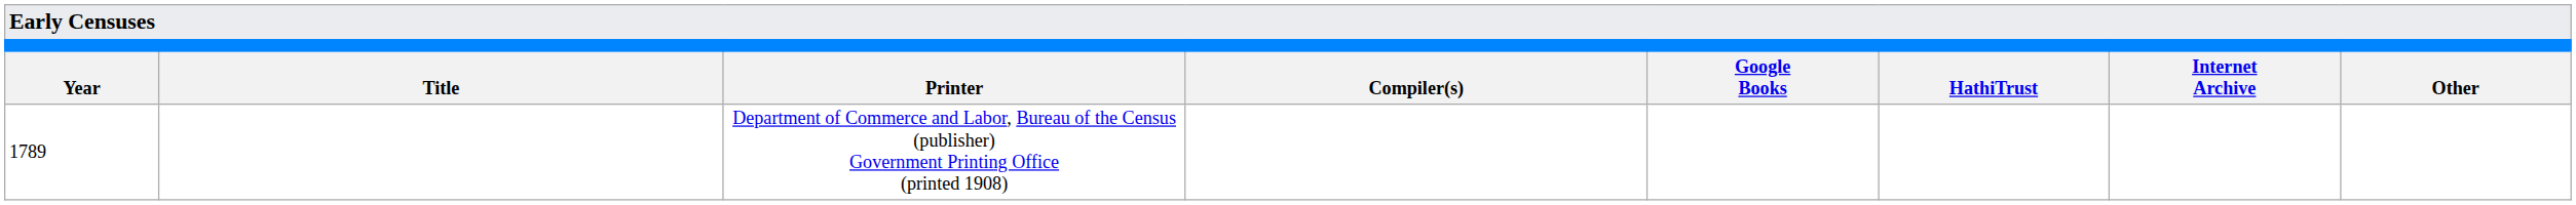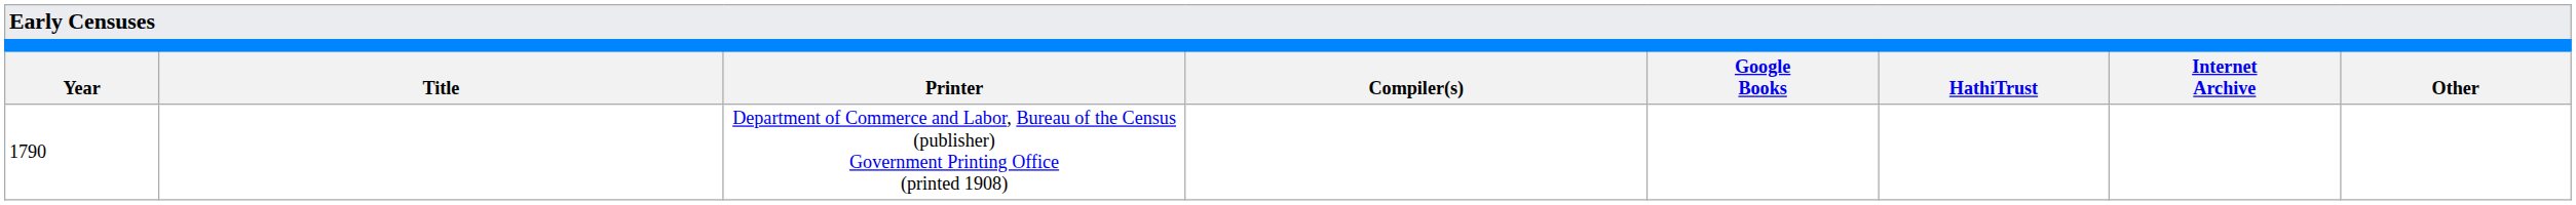 <table class="wikitable collapsible sortable static-row-numbers" cellpadding="1" style="color: black; background-color: #FFFFFF; font-size: 90%; width:100%">
 <tr class="static-row-header" style="text-align:center;vertical-align:bottom;">
 <th style="text-align:left; background:#eaecf0; border-style: solid; border-width: 0px 0px 0px 0px;" colspan=8><big><strong>Early Censuses</strong></big></th>
 </tr>
 <tr class="static-row-header" style="text-align:center;vertical-align:bottom;border-style: solid; border-color: #0085ff; border-width: 10px 0px 0px 0px;">
 <th>Year</th>
 <th>Title</th>
 <th>Printer</th>
 <th>Compiler(s)</th>
 <th><a href='#'>Google<br>Books</a></th>
 <th><a href='#'>HathiTrust</a></th>
 <th><a href='#'>Internet<br>Archive</a></th>
 <th>Other</th>
 </tr>
 <tr>
-<td width="6%">1789</td>
+<td width="6%">1790</td>
 <td width="22%" data-sort-value="parish church 1790"></td>
 <td style="text-align:center" width="18%" data-sort-value="welling 1790"><a href='#'>Department of Commerce and Labor</a>, <a href='#'>Bureau of the Census</a><br>(publisher)<br><a href='#'>Government Printing Office</a><br>(printed 1908)</td>
 <td style="text-align:center" width="18%" data-sort-value="government printing office 1790"></td>
 <td style="text-align:center" width="9%" data-sort-value="stanford 1790"></td>
 <td style="text-align:center" width="9%"></td>
 <td style="text-align:center" width="9%" data-sort-value="cornell 1790"></td>
 <td style="text-align:center" width="9%"><br><br></td>
 </tr>
 </table>
